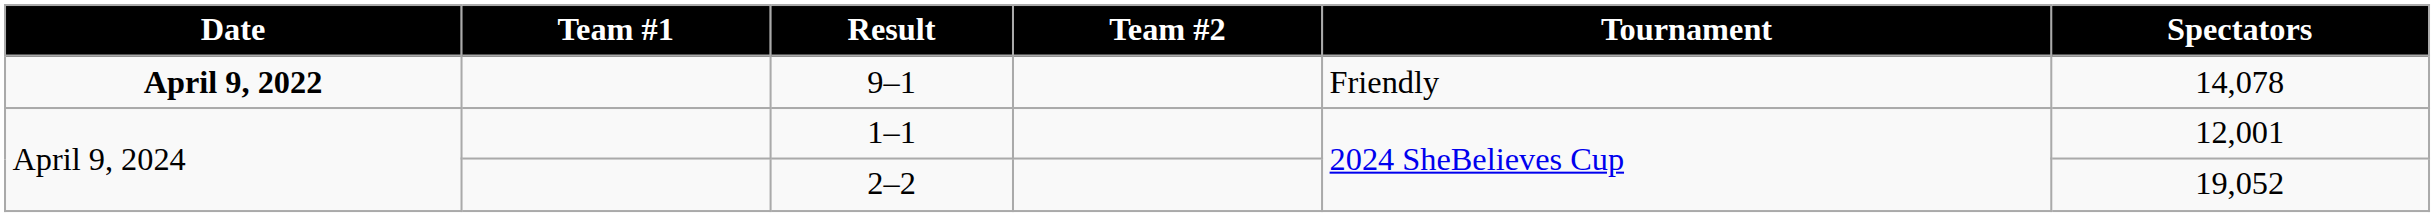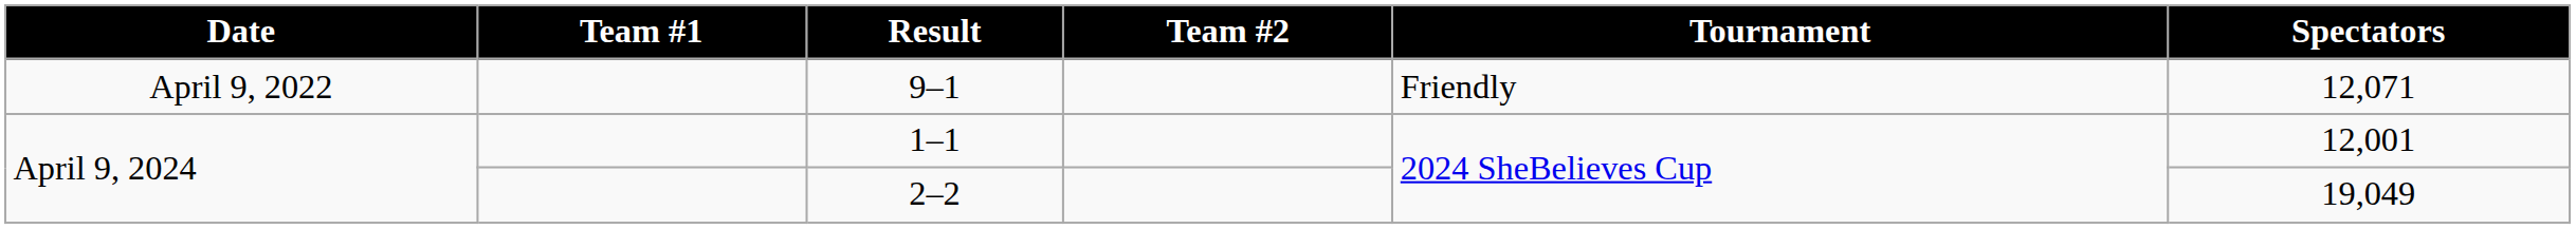 <table class="wikitable" style="text-align:left; width:95%;" style="text-align:center">
 <tr>
 <th style="text-align:center; background:#000000; color:#FFFFFF; ">Date</th>
 <th style="text-align:center; background:#000000; color:#FFFFFF; ">Team #1</th>
 <th style="text-align:center; background:#000000; color:#FFFFFF; ">Result</th>
 <th style="text-align:center; background:#000000; color:#FFFFFF; ">Team #2</th>
 <th style="text-align:center; background:#000000; color:#FFFFFF; ">Tournament</th>
 <th style="text-align:center; background:#000000; color:#FFFFFF; ">Spectators</th>
 </tr>
 <tr>
-<td style="text-align:center;"><strong>April 9, 2022</strong></td>
+<td style="text-align:center;">April 9, 2022</td>
 <td><strong></strong></td>
 <td style="text-align:center;">9–1</td>
 <td></td>
 <td>Friendly</td>
-<td style="text-align:center;">14,078</td>
+<td style="text-align:center;">12,071</td>
 </tr>
 <tr>
 <td rowspan=2>April 9, 2024</td>
 <td></td>
 <td style="text-align:center;">1–1<br> <small></small></td>
 <td><strong></strong></td>
 <td rowspan=2><a href='#'>2024 SheBelieves Cup</a></td>
 <td style="text-align:center;">12,001</td>
 </tr>
 <tr>
 <td><strong></strong></td>
 <td style="text-align:center;">2–2<br> <small></small></td>
 <td></td>
-<td style="text-align:center;">19,052</td>
+<td style="text-align:center;">19,049</td>
 </tr>
 </table>
